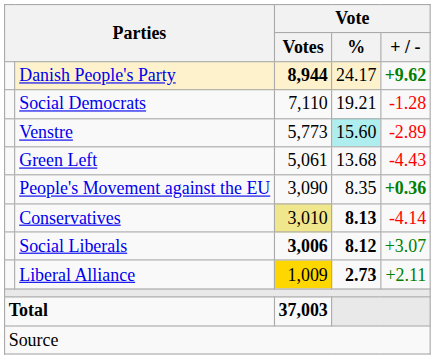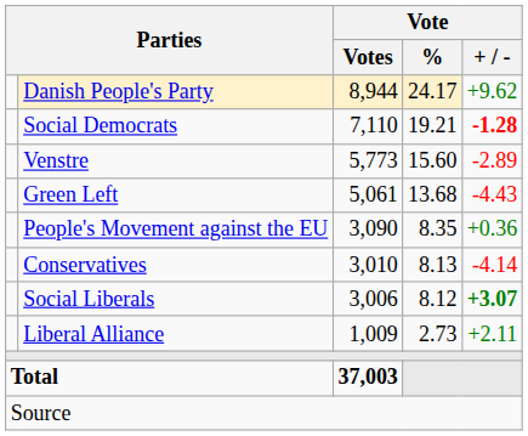 <table class="wikitable" style="text-align:right;">
 <tr>
 <th style="text-align:centre;" rowspan="2" colspan="2" width="225">Parties</th>
 <th colspan="3">Vote</th>
 </tr>
 <tr>
 <th width="15">Votes</th>
 <th width="15">%</th>
 <th width="15">+ / -</th>
 </tr>
 <tr>
 <td width="2" style="color:inherit;background:"></td>
 <td bgcolor=#fef2cc   align="left"><a href='#'>Danish People's Party</a></td>
-<td bgcolor=#fef2cc><strong>8,944</strong></td>
+<td bgcolor=#fef2cc>8,944</td>
 <td bgcolor=#fef2cc>24.17</td>
-<td style=color:green;><strong>+9.62</strong></td>
+<td style=color:green;>+9.62</td>
 </tr>
 <tr>
 <td width="2" style="color:inherit;background:"></td>
 <td align="left"><a href='#'>Social Democrats</a></td>
 <td>7,110</td>
 <td>19.21</td>
-<td style=color:red;>-1.28</td>
+<td style=color:red;><strong>-1.28</strong></td>
 </tr>
 <tr>
 <td width="2" style="color:inherit;background:"></td>
 <td align="left"><a href='#'>Venstre</a></td>
 <td>5,773</td>
-<td style="background: paleturquoise;">15.60</td>
+<td>15.60</td>
 <td style=color:red;>-2.89</td>
 </tr>
 <tr>
 <td width="2" style="color:inherit;background:"></td>
 <td align="left"><a href='#'>Green Left</a></td>
 <td>5,061</td>
 <td>13.68</td>
 <td style=color:red;>-4.43</td>
 </tr>
 <tr>
 <td width="2" style="color:inherit;background:"></td>
 <td align="left"><a href='#'>People's Movement against the EU</a></td>
 <td>3,090</td>
 <td>8.35</td>
-<td style=color:green;><strong>+0.36</strong></td>
+<td style=color:green;>+0.36</td>
 </tr>
 <tr>
 <td width="2" style="color:inherit;background:"></td>
 <td align="left"><a href='#'>Conservatives</a></td>
-<td style="background: khaki;">3,010</td>
-<td><strong>8.13</strong></td>
+<td>3,010</td>
+<td>8.13</td>
 <td style=color:red;>-4.14</td>
 </tr>
 <tr>
 <td width="2" style="color:inherit;background:"></td>
 <td align="left"><a href='#'>Social Liberals</a></td>
-<td><strong>3,006</strong></td>
-<td><strong>8.12</strong></td>
-<td style=color:green;>+3.07</td>
+<td>3,006</td>
+<td>8.12</td>
+<td style=color:green;><strong>+3.07</strong></td>
 </tr>
 <tr>
 <td width="2" style="color:inherit;background:"></td>
 <td align="left"><a href='#'>Liberal Alliance</a></td>
-<td style="background: gold;">1,009</td>
-<td><strong>2.73</strong></td>
+<td>1,009</td>
+<td>2.73</td>
 <td style=color:green;>+2.11</td>
 </tr>
 <tr>
 <td colspan="7" bgcolor="#E9E9E9"></td>
 </tr>
 <tr>
 <td align="left" colspan="2"><strong>Total</strong></td>
 <td><strong>37,003</strong></td>
 <td bgcolor="#E9E9E9" colspan="2"></td>
 </tr>
 <tr>
 <td align="left" colspan="6">Source</td>
 </tr>
 </table>
